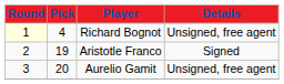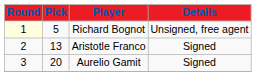 <table class="wikitable sortable sortable">
 <tr>
 <th style="background:#ED1C24; color:#0055AF; ">Round</th>
 <th style="background:#ED1C24; color:#0055AF; ">Pick</th>
 <th style="background:#ED1C24; color:#0055AF; ">Player</th>
 <th style="background:#ED1C24; color:#0055AF; ">Details</th>
 </tr>
 <tr style="text-align: center">
 <td style="background: lightyellow;">1</td>
-<td>4</td>
+<td>5</td>
 <td>Richard Bognot</td>
 <td>Unsigned, free agent</td>
 </tr>
 <tr style="text-align: center">
 <td>2</td>
-<td>19</td>
+<td>13</td>
 <td>Aristotle Franco</td>
 <td>Signed</td>
 </tr>
 <tr style="text-align: center">
 <td>3</td>
 <td>20</td>
 <td>Aurelio Gamit</td>
-<td>Unsigned, free agent</td>
+<td>Signed</td>
 </tr>
 <tr>
 </tr>
 </table>
